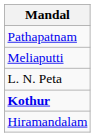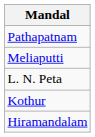 <table class="wikitable sortable static-row-numbers static-row-header-hash">
 <tr>
 <th>Mandal</th>
 </tr>
 <tr>
 <td><a href='#'>Pathapatnam</a></td>
 </tr>
 <tr>
 <td><a href='#'>Meliaputti</a></td>
 </tr>
 <tr>
 <td>L. N. Peta</td>
 </tr>
 <tr>
-<td><strong><a href='#'>Kothur</a></strong></td>
+<td><a href='#'>Kothur</a></td>
 </tr>
 <tr>
 <td><a href='#'>Hiramandalam</a></td>
 </tr>
 </table>
